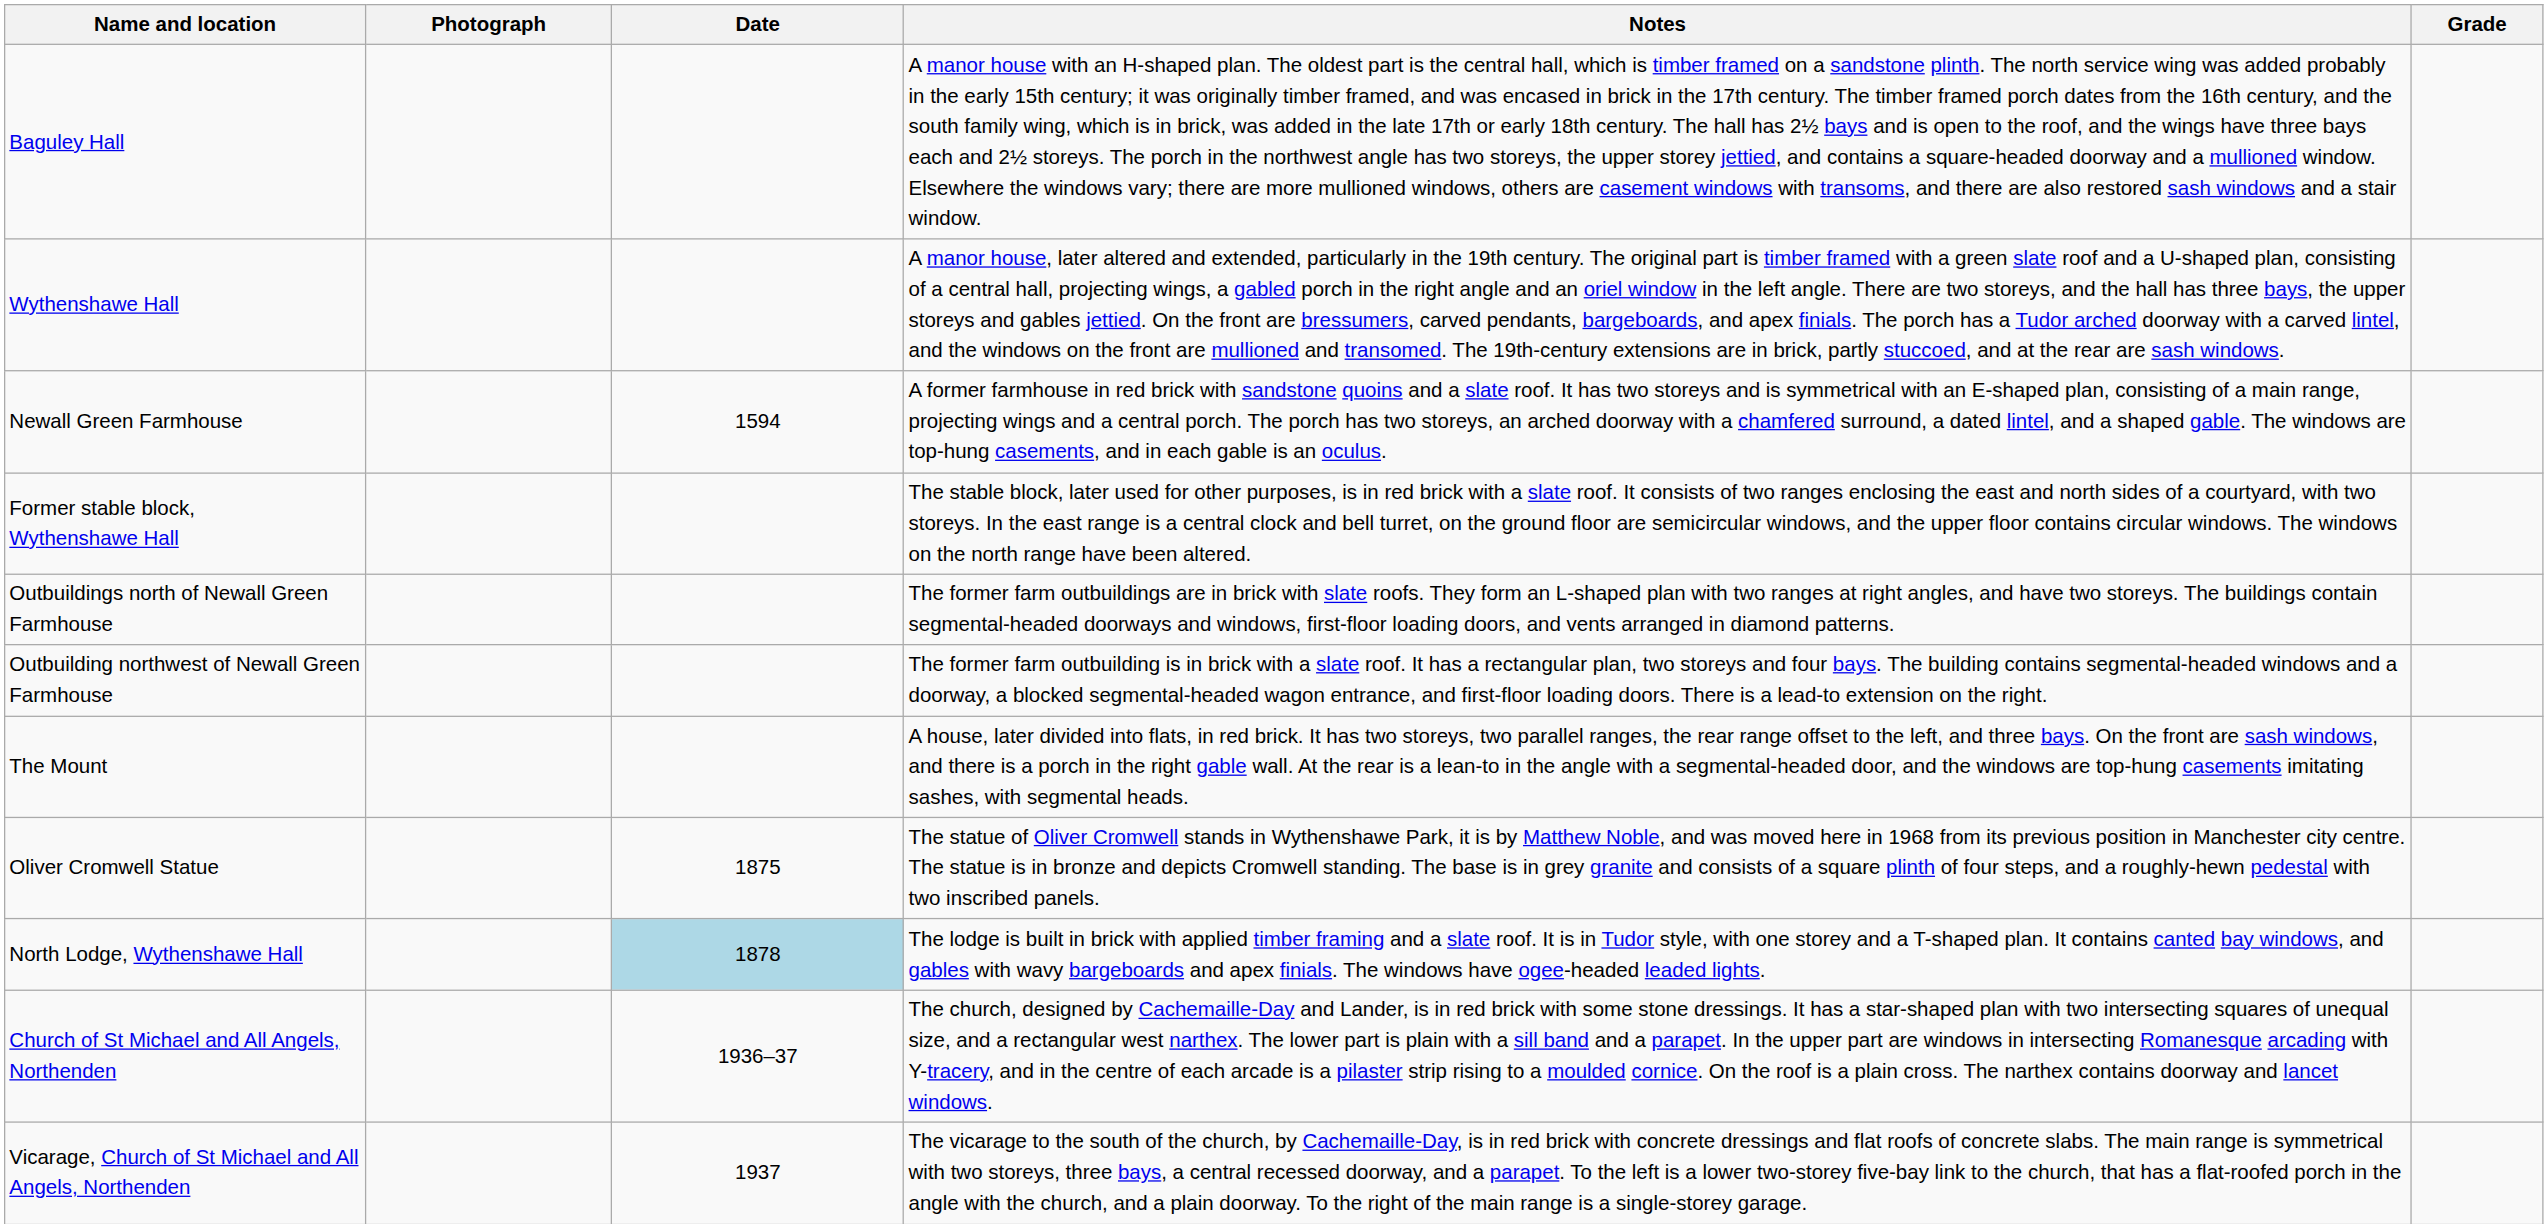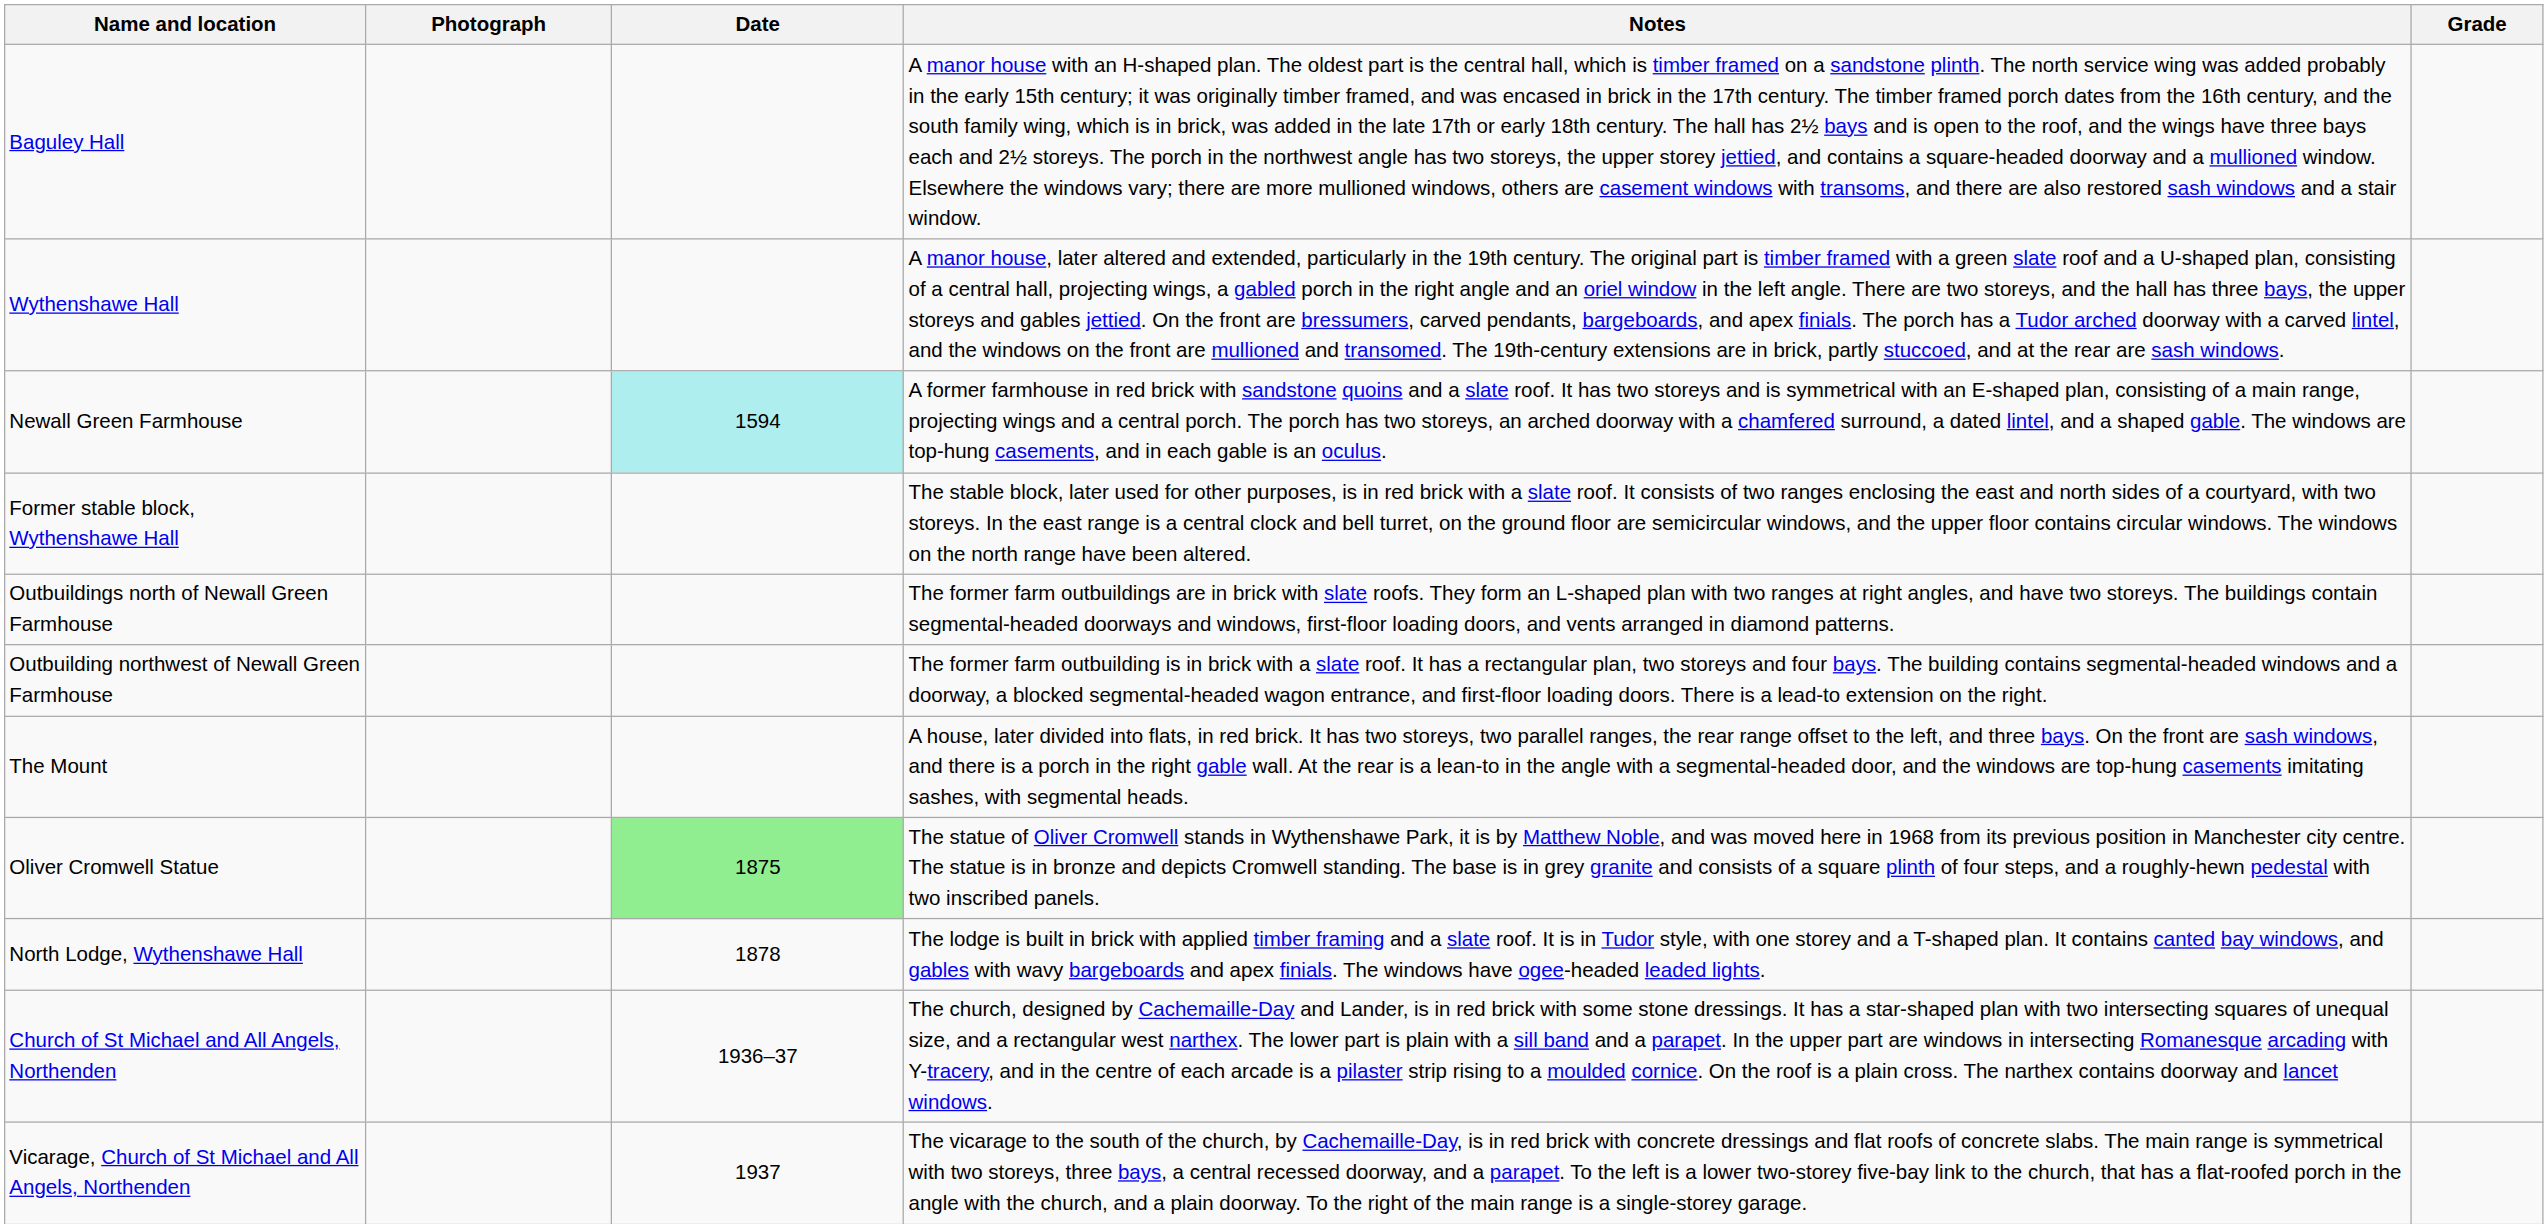 <table class="wikitable sortable plainrowheaders" style="width:100%; border:0; text-align:left; line-height:150%;">
 <tr>
 <th scope="col" style="width:150px">Name and location</th>
 <th scope="col" style="width:100px" class="unsortable">Photograph</th>
 <th scope="col" style="width:120px">Date</th>
 <th scope="col" style="width:650px" class="unsortable">Notes</th>
 <th scope="col" style="width:50px">Grade</th>
 </tr>
 <tr>
 <td><a href='#'>Baguley Hall</a><br><small></small></td>
 <td></td>
 <td align="center"></td>
 <td>A <a href='#'>manor house</a> with an H-shaped plan. The oldest part is the central hall, which is <a href='#'>timber framed</a> on a <a href='#'>sandstone</a> <a href='#'>plinth</a>. The north service wing was added probably in the early 15th century; it was originally timber framed, and was encased in brick in the 17th century. The timber framed porch dates from the 16th century, and the south family wing, which is in brick, was added in the late 17th or early 18th century. The hall has 2½ <a href='#'>bays</a> and is open to the roof, and the wings have three bays each and 2½ storeys. The porch in the northwest angle has two storeys, the upper storey <a href='#'>jettied</a>, and contains a square-headed doorway and a <a href='#'>mullioned</a> window. Elsewhere the windows vary; there are more mullioned windows, others are <a href='#'>casement windows</a> with <a href='#'>transoms</a>, and there are also restored <a href='#'>sash windows</a> and a stair window.</td>
 <td align="center" ></td>
 </tr>
 <tr>
 <td><a href='#'>Wythenshawe Hall</a><br><small></small></td>
 <td></td>
 <td align="center"></td>
 <td>A <a href='#'>manor house</a>, later altered and extended, particularly in the 19th century. The original part is <a href='#'>timber framed</a> with a green <a href='#'>slate</a> roof and a U-shaped plan, consisting of a central hall, projecting wings, a <a href='#'>gabled</a> porch in the right angle and an <a href='#'>oriel window</a> in the left angle. There are two storeys, and the hall has three <a href='#'>bays</a>, the upper storeys and gables <a href='#'>jettied</a>. On the front are <a href='#'>bressumers</a>, carved pendants, <a href='#'>bargeboards</a>, and apex <a href='#'>finials</a>. The porch has a <a href='#'>Tudor arched</a> doorway with a carved <a href='#'>lintel</a>, and the windows on the front are <a href='#'>mullioned</a> and <a href='#'>transomed</a>. The 19th-century extensions are in brick, partly <a href='#'>stuccoed</a>, and at the rear are <a href='#'>sash windows</a>.</td>
 <td align="center" ></td>
 </tr>
 <tr>
 <td>Newall Green Farmhouse<br><small></small></td>
 <td></td>
-<td align="center">1594</td>
+<td align="center" style="background: paleturquoise;">1594</td>
 <td>A former farmhouse in red brick with <a href='#'>sandstone</a> <a href='#'>quoins</a> and a <a href='#'>slate</a> roof. It has two storeys and is symmetrical with an E-shaped plan, consisting of a main range, projecting wings and a central porch. The porch has two storeys, an arched doorway with a <a href='#'>chamfered</a> surround, a dated <a href='#'>lintel</a>, and a shaped <a href='#'>gable</a>. The windows are top-hung <a href='#'>casements</a>, and in each gable is an <a href='#'>oculus</a>.</td>
 <td align="center" ></td>
 </tr>
 <tr>
 <td>Former stable block,<br><a href='#'>Wythenshawe Hall</a><br><small></small></td>
 <td></td>
 <td align="center"></td>
 <td>The stable block, later used for other purposes, is in red brick with a <a href='#'>slate</a> roof. It consists of two ranges enclosing the east and north sides of a courtyard, with two storeys. In the east range is a central clock and bell turret, on the ground floor are semicircular windows, and the upper floor contains circular windows. The windows on the north range have been altered.</td>
 <td align="center" ></td>
 </tr>
 <tr>
 <td>Outbuildings north of Newall Green Farmhouse<br><small></small></td>
 <td></td>
 <td align="center"></td>
 <td>The former farm outbuildings are in brick with <a href='#'>slate</a> roofs. They form an L-shaped plan with two ranges at right angles, and have two storeys. The buildings contain segmental-headed doorways and windows, first-floor loading doors, and vents arranged in diamond patterns.</td>
 <td align="center" ></td>
 </tr>
 <tr>
 <td>Outbuilding northwest of Newall Green Farmhouse<br><small></small></td>
 <td></td>
 <td align="center"></td>
 <td>The former farm outbuilding is in brick with a <a href='#'>slate</a> roof. It has a rectangular plan, two storeys and four <a href='#'>bays</a>. The building contains segmental-headed windows and a doorway, a blocked segmental-headed wagon entrance, and first-floor loading doors. There is a lead-to extension on the right.</td>
 <td align="center" ></td>
 </tr>
 <tr>
 <td>The Mount<br><small></small></td>
 <td></td>
 <td align="center"></td>
 <td>A house, later divided into flats, in red brick. It has two storeys, two parallel ranges, the rear range offset to the left, and three <a href='#'>bays</a>. On the front are <a href='#'>sash windows</a>, and there is a porch in the right <a href='#'>gable</a> wall. At the rear is a lean-to in the angle with a segmental-headed door, and the windows are top-hung <a href='#'>casements</a> imitating sashes, with segmental heads.</td>
 <td align="center" ></td>
 </tr>
 <tr>
 <td>Oliver Cromwell Statue<br><small></small></td>
 <td></td>
-<td align="center">1875</td>
+<td align="center" style="background: lightgreen;">1875</td>
 <td>The statue of <a href='#'>Oliver Cromwell</a> stands in Wythenshawe Park, it is by <a href='#'>Matthew Noble</a>, and was moved here in 1968 from its previous position in Manchester city centre. The statue is in bronze and depicts Cromwell standing. The base is in grey <a href='#'>granite</a> and consists of a square <a href='#'>plinth</a> of four steps, and a roughly-hewn <a href='#'>pedestal</a> with two inscribed panels.</td>
 <td align="center" ></td>
 </tr>
 <tr>
 <td>North Lodge, <a href='#'>Wythenshawe Hall</a><br><small></small></td>
 <td></td>
-<td align="center" style="background: lightblue;">1878</td>
+<td align="center">1878</td>
 <td>The lodge is built in brick with applied <a href='#'>timber framing</a> and a <a href='#'>slate</a> roof. It is in <a href='#'>Tudor</a> style, with one storey and a T-shaped plan. It contains <a href='#'>canted</a> <a href='#'>bay windows</a>, and <a href='#'>gables</a> with wavy <a href='#'>bargeboards</a> and apex <a href='#'>finials</a>. The windows have <a href='#'>ogee</a>-headed <a href='#'>leaded lights</a>.</td>
 <td align="center" ></td>
 </tr>
 <tr>
 <td><a href='#'>Church of St Michael and All Angels, Northenden</a><br><small></small></td>
 <td></td>
 <td align="center">1936–37</td>
 <td>The church, designed by <a href='#'>Cachemaille-Day</a> and Lander, is in red brick with some stone dressings. It has a star-shaped plan with two intersecting squares of unequal size, and a rectangular west <a href='#'>narthex</a>. The lower part is plain with a <a href='#'>sill band</a> and a <a href='#'>parapet</a>. In the upper part are windows in intersecting <a href='#'>Romanesque</a> <a href='#'>arcading</a> with Y-<a href='#'>tracery</a>, and in the centre of each arcade is a <a href='#'>pilaster</a> strip rising to a <a href='#'>moulded</a> <a href='#'>cornice</a>. On the roof is a plain cross. The narthex contains doorway and <a href='#'>lancet windows</a>.</td>
 <td align="center" ></td>
 </tr>
 <tr>
 <td>Vicarage, <a href='#'>Church of St Michael and All Angels, Northenden</a><br><small></small></td>
 <td></td>
 <td align="center">1937</td>
 <td>The vicarage to the south of the church, by <a href='#'>Cachemaille-Day</a>, is in red brick with concrete dressings and flat roofs of concrete slabs. The main range is symmetrical with two storeys, three <a href='#'>bays</a>, a central recessed doorway, and a <a href='#'>parapet</a>. To the left is a lower two-storey five-bay link to the church, that has a flat-roofed porch in the angle with the church, and a plain doorway. To the right of the main range is a single-storey garage.</td>
 <td align="center" ></td>
 </tr>
 <tr>
 </tr>
 </table>
